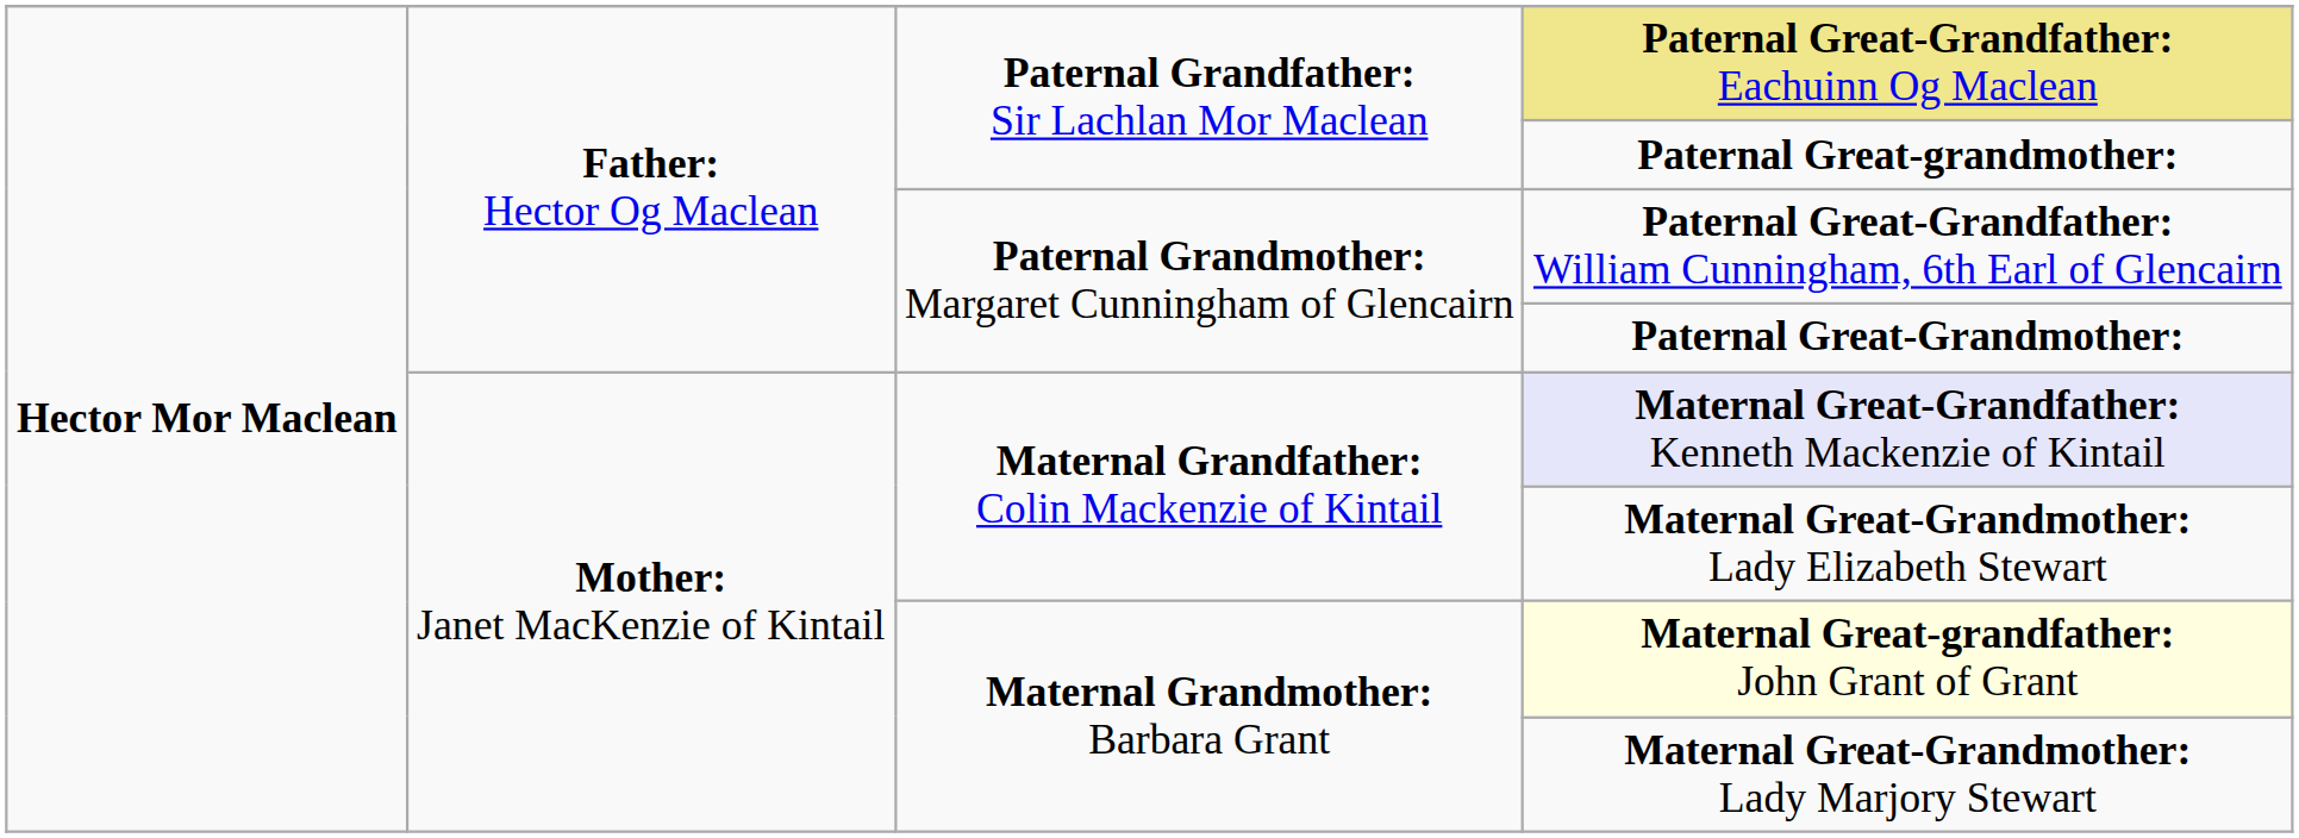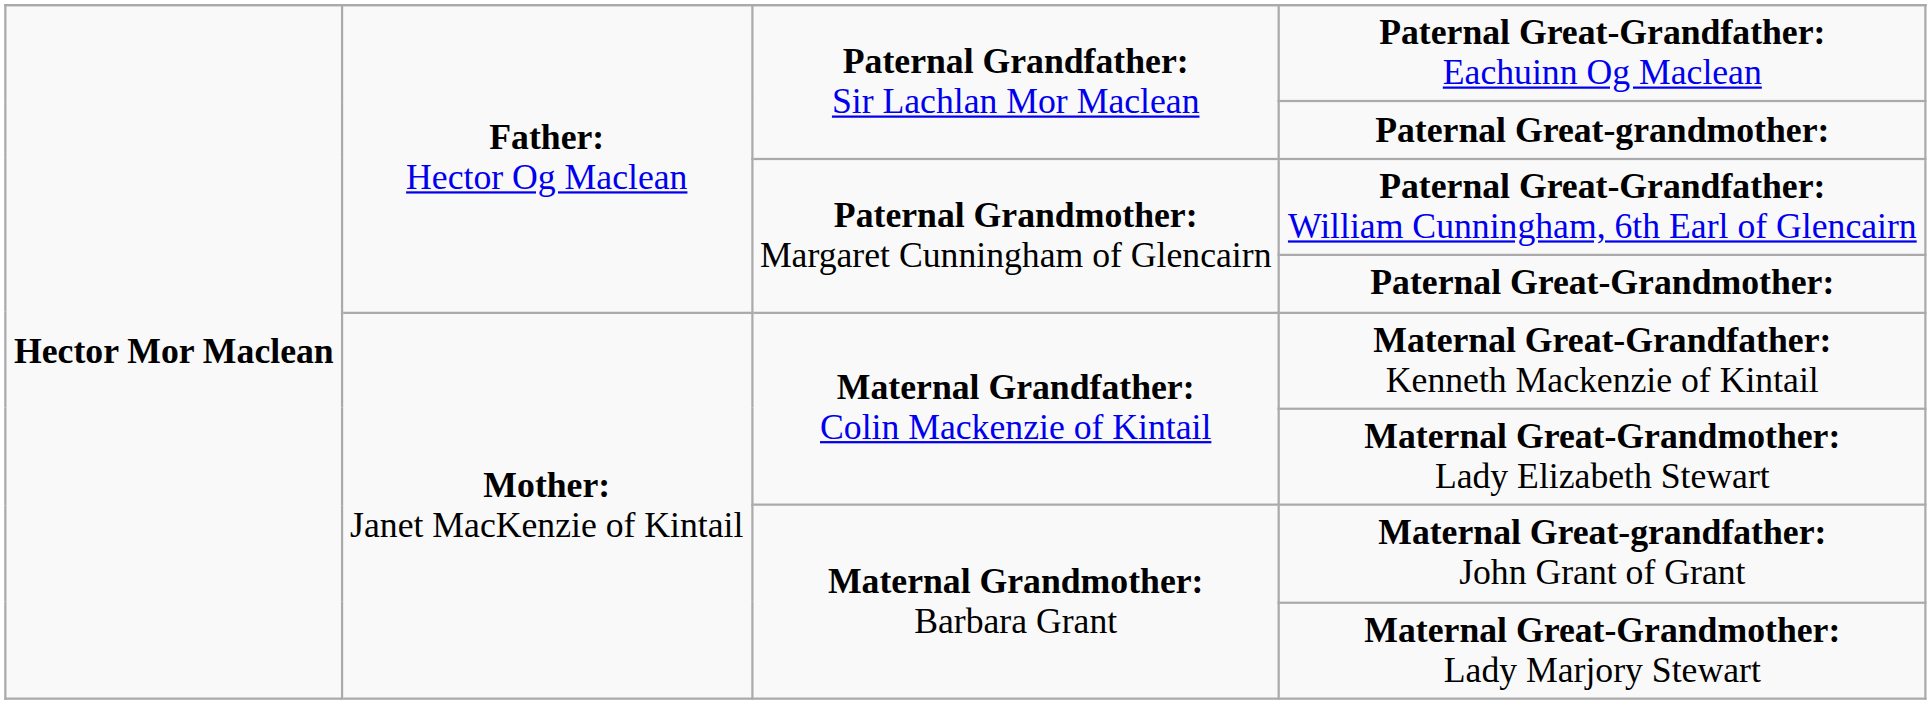 <table class="wikitable" style="margin:0.3em auto">
 <tr>
 </tr>
 <tr>
 <td rowspan="8" align="center"><strong>Hector Mor Maclean</strong></td>
 <td rowspan="4" align="center"><strong>Father:</strong><br><a href='#'>Hector Og Maclean</a></td>
 <td rowspan="2" align="center"><strong>Paternal Grandfather:</strong><br><a href='#'>Sir Lachlan Mor Maclean</a></td>
-<td align="center" style="background: khaki;"><strong>Paternal Great-Grandfather:</strong><br><a href='#'>Eachuinn Og Maclean</a></td>
+<td align="center"><strong>Paternal Great-Grandfather:</strong><br><a href='#'>Eachuinn Og Maclean</a></td>
 </tr>
 <tr>
 <td align="center"><strong>Paternal Great-grandmother:</strong><br></td>
 </tr>
 <tr>
 <td rowspan="2" align="center"><strong>Paternal Grandmother:</strong><br>Margaret Cunningham of Glencairn</td>
 <td align="center"><strong>Paternal Great-Grandfather:</strong><br><a href='#'>William Cunningham, 6th Earl of Glencairn</a></td>
 </tr>
 <tr>
 <td align="center"><strong>Paternal Great-Grandmother:</strong><br></td>
 </tr>
 <tr>
 <td rowspan="4" align="center"><strong>Mother:</strong><br>Janet MacKenzie of Kintail</td>
 <td rowspan="2" align="center"><strong>Maternal Grandfather:</strong><br><a href='#'>Colin Mackenzie of Kintail</a></td>
-<td align="center" style="background: lavender;"><strong>Maternal Great-Grandfather:</strong><br>Kenneth Mackenzie of Kintail</td>
+<td align="center"><strong>Maternal Great-Grandfather:</strong><br>Kenneth Mackenzie of Kintail</td>
 </tr>
 <tr>
 <td align="center"><strong>Maternal Great-Grandmother:</strong><br>Lady Elizabeth Stewart</td>
 </tr>
 <tr>
 <td rowspan="2" align="center"><strong>Maternal Grandmother:</strong><br>Barbara Grant</td>
-<td align="center" style="background: lightyellow;"><strong>Maternal Great-grandfather:</strong><br>John Grant of Grant</td>
+<td align="center"><strong>Maternal Great-grandfather:</strong><br>John Grant of Grant</td>
 </tr>
 <tr>
 <td align="center"><strong>Maternal Great-Grandmother:</strong><br>Lady Marjory Stewart</td>
 </tr>
 </table>
